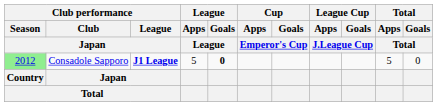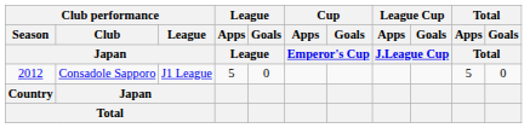 <table class="wikitable" style="text-align:center;">
 <tr>
 <th colspan=3>Club performance</th>
 <th colspan=2>League</th>
 <th colspan=2>Cup</th>
 <th colspan=2>League Cup</th>
 <th colspan=2>Total</th>
 </tr>
 <tr>
 <th>Season</th>
 <th>Club</th>
 <th>League</th>
 <th>Apps</th>
 <th>Goals</th>
 <th>Apps</th>
 <th>Goals</th>
 <th>Apps</th>
 <th>Goals</th>
 <th>Apps</th>
 <th>Goals</th>
 </tr>
 <tr>
 <th colspan=3>Japan</th>
 <th colspan=2>League</th>
 <th colspan=2><a href='#'>Emperor's Cup</a></th>
 <th colspan=2><a href='#'>J.League Cup</a></th>
 <th colspan=2>Total</th>
 </tr>
 <tr>
-<td style="background: lightgreen;"><a href='#'>2012</a></td>
+<td><a href='#'>2012</a></td>
 <td><a href='#'>Consadole Sapporo</a></td>
-<td><strong><a href='#'>J1 League</a></strong></td>
+<td><a href='#'>J1 League</a></td>
 <td>5</td>
-<td><strong>0</strong></td>
+<td>0</td>
 <td></td>
 <td></td>
 <td></td>
 <td></td>
 <td>5</td>
 <td>0</td>
 </tr>
 <tr>
 <th rowspan=1>Country</th>
 <th colspan=2>Japan</th>
 <th></th>
 <th></th>
 <th></th>
 <th></th>
 <th></th>
 <th></th>
 <th></th>
 <th></th>
 </tr>
 <tr>
 <th colspan=3>Total</th>
 <th></th>
 <th></th>
 <th></th>
 <th></th>
 <th></th>
 <th></th>
 <th></th>
 <th></th>
 </tr>
 </table>
